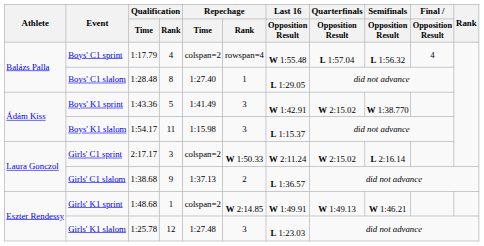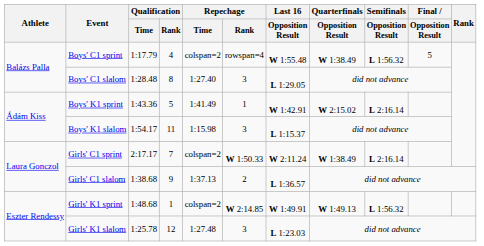 <table class="wikitable" style="font-size:90%">
 <tr>
 <th rowspan=2>Athlete</th>
 <th rowspan=2>Event</th>
 <th colspan=2>Qualification</th>
 <th colspan=2>Repechage</th>
 <th>Last 16</th>
 <th>Quarterfinals</th>
 <th>Semifinals</th>
 <th>Final / </th>
 <th rowspan=2>Rank</th>
 </tr>
 <tr style="font-size:95%">
 <th>Time</th>
 <th>Rank</th>
 <th>Time</th>
 <th>Rank</th>
 <th>Opposition <br>Result</th>
 <th>Opposition <br>Result</th>
 <th>Opposition <br>Result</th>
 <th>Opposition <br>Result</th>
 </tr>
 <tr align=center>
 <td align=left rowspan=2><a href='#'>Balázs Palla</a></td>
 <td align=left><a href='#'>Boys' C1 sprint</a></td>
 <td>1:17.79</td>
 <td>4</td>
 <td>colspan=2 </td>
 <td>rowspan=4 </td>
 <td><br> <strong>W</strong> 1:55.48</td>
-<td><br> <strong>L</strong> 1:57.04</td>
+<td><br> <strong>W</strong> 1:38.49</td>
 <td><br> <strong>L</strong> 1:56.32</td>
-<td>4</td>
+<td>5</td>
 </tr>
 <tr align=center>
 <td align=left><a href='#'>Boys' C1 slalom</a></td>
 <td>1:28.48</td>
 <td>8</td>
 <td>1:27.40</td>
-<td>1</td>
+<td>3</td>
 <td><br> <strong>L</strong> 1:29.05</td>
 <td Colspan=3><em>did not advance</em></td>
 </tr>
 <tr align=center>
 <td align=left rowspan=2><a href='#'>Ádám Kiss</a></td>
 <td align=left><a href='#'>Boys' K1 sprint</a></td>
 <td>1:43.36</td>
 <td>5</td>
 <td>1:41.49</td>
-<td>3</td>
+<td>1</td>
 <td><br> <strong>W</strong> 1:42.91</td>
 <td><br> <strong>W</strong> 2:15.02</td>
-<td><br> <strong>W</strong> 1:38.770</td>
+<td><br> <strong>L</strong> 2:16.14</td>
 <td></td>
 </tr>
 <tr align=center>
 <td align=left><a href='#'>Boys' K1 slalom</a></td>
 <td>1:54.17</td>
 <td>11</td>
 <td>1:15.98</td>
 <td>3</td>
 <td><br> <strong>L</strong> 1:15.37</td>
 <td Colspan=3><em>did not advance</em></td>
 </tr>
 <tr align=center>
 <td align=left rowspan=2><a href='#'>Laura Gonczol</a></td>
 <td align=left><a href='#'>Girls' C1 sprint</a></td>
 <td>2:17.17</td>
-<td>3</td>
+<td>7</td>
 <td>colspan=2 </td>
 <td><br> <strong>W</strong> 1:50.33</td>
 <td><br> <strong>W</strong> 2:11.24</td>
-<td><br> <strong>W</strong> 2:15.02</td>
+<td><br> <strong>W</strong> 1:38.49</td>
 <td><br> <strong>L</strong> 2:16.14</td>
 <td></td>
 </tr>
 <tr align=center>
 <td align=left><a href='#'>Girls' C1 slalom</a></td>
 <td>1:38.68</td>
 <td>9</td>
 <td>1:37.13</td>
 <td>2</td>
 <td><br> <strong>L</strong> 1:36.57</td>
 <td colspan=4><em>did not advance</em></td>
 </tr>
 <tr align=center>
 <td align=left rowspan=2><a href='#'>Eszter Rendessy</a></td>
 <td align=left><a href='#'>Girls' K1 sprint</a></td>
 <td>1:48.68</td>
 <td>1</td>
 <td>colspan=2 </td>
 <td><br> <strong>W</strong> 2:14.85</td>
 <td><br> <strong>W</strong> 1:49.91</td>
 <td><br> <strong>W</strong> 1:49.13</td>
-<td><br> <strong>W</strong> 1:46.21</td>
+<td><br> <strong>L</strong> 1:56.32</td>
 <td></td>
 </tr>
 <tr align=center>
 <td align=left><a href='#'>Girls' K1 slalom</a></td>
 <td>1:25.78</td>
 <td>12</td>
 <td>1:27.48</td>
 <td>3</td>
 <td><br> <strong>L</strong> 1:23.03</td>
 <td colspan=4><em>did not advance</em></td>
 </tr>
 </table>
